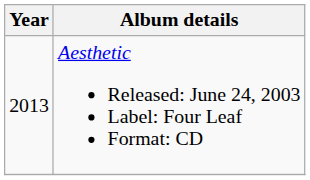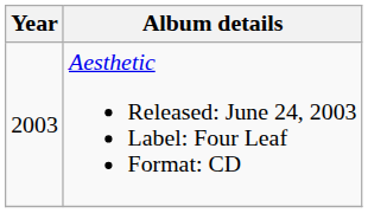 <table class="wikitable">
 <tr>
 <th>Year</th>
 <th>Album details</th>
 </tr>
 <tr>
-<td align="center">2013</td>
+<td align="center">2003</td>
 <td align="left"><em><a href='#'>Aesthetic</a></em><br><ul><li>Released: June 24, 2003</li><li>Label: Four Leaf</li><li>Format: CD</li></ul></td>
 </tr>
 <tr>
 </tr>
 </table>
